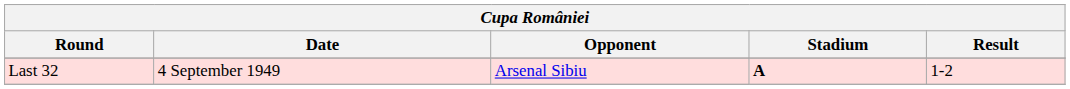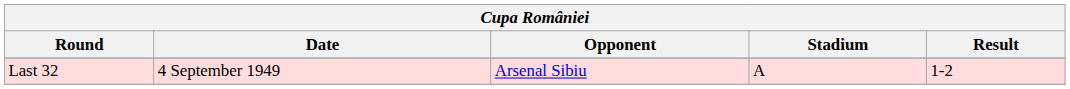 <table class="wikitable" style="width:80%;">
 <tr>
 <th colspan="5" style="text-align:center;"><em>Cupa României</em></th>
 </tr>
 <tr>
 <th>Round</th>
 <th>Date</th>
 <th>Opponent</th>
 <th>Stadium</th>
 <th>Result</th>
 </tr>
 <tr>
 </tr>
 <tr bgcolor="#ffdddd">
 <td>Last 32</td>
 <td>4 September 1949</td>
 <td><a href='#'>Arsenal Sibiu</a></td>
-<td><strong>A</strong></td>
+<td>A</td>
 <td>1-2</td>
 </tr>
 <tr>
 </tr>
 </table>
